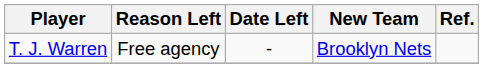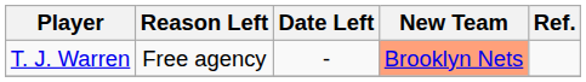 <table class="wikitable sortable sortable" style="text-align: center">
 <tr>
 <th>Player</th>
 <th>Reason Left</th>
 <th>Date Left</th>
 <th>New Team</th>
 <th>Ref.</th>
 </tr>
 <tr>
 <td><a href='#'>T. J. Warren</a></td>
 <td>Free agency</td>
 <td>-</td>
-<td><a href='#'>Brooklyn Nets</a></td>
+<td style="background: lightsalmon;"><a href='#'>Brooklyn Nets</a></td>
 <td></td>
 </tr>
 <tr>
 </tr>
 </table>
